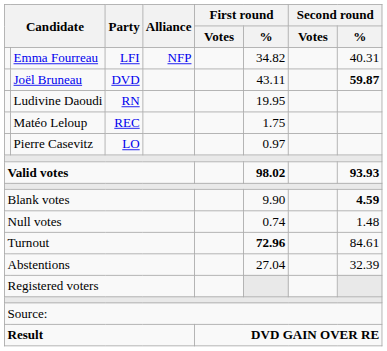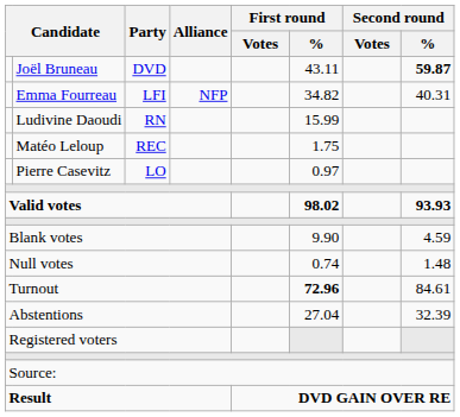 <table class="wikitable" style="text-align:right;font-size:95%;">
 <tr>
 <th colspan="2" rowspan="2">Candidate</th>
 <th colspan="1" rowspan="2">Party</th>
 <th colspan="1" rowspan="2">Alliance</th>
 <th colspan="2">First round</th>
 <th colspan="2">Second round</th>
 </tr>
 <tr>
 <th style="width:50px;">Votes</th>
 <th style="width:45px;">%</th>
 <th style="width:50px;">Votes</th>
 <th style="width:45px;">%</th>
 </tr>
 <tr>
 <td style="color:inherit;background:"></td>
+<td style="text-align:left;"><a href='#'>Joël Bruneau</a></td>
+<td><a href='#'>DVD</a></td>
+<td></td>
+<td></td>
+<td>43.11</td>
+<td><strong></strong></td>
+<td><strong>59.87</strong></td>
+</tr>
+<tr>
+<td style="color:inherit;background:"></td>
 <td style="text-align:left;"><a href='#'>Emma Fourreau</a></td>
 <td><a href='#'>LFI</a></td>
 <td><a href='#'>NFP</a></td>
 <td></td>
 <td>34.82</td>
 <td></td>
 <td>40.31</td>
 </tr>
 <tr>
 <td style="color:inherit;background:"></td>
-<td style="text-align:left;"><a href='#'>Joël Bruneau</a></td>
-<td><a href='#'>DVD</a></td>
-<td></td>
-<td></td>
-<td>43.11</td>
-<td><strong></strong></td>
-<td><strong>59.87</strong></td>
-</tr>
-<tr>
-<td style="color:inherit;background:"></td>
 <td style="text-align:left;">Ludivine Daoudi</td>
 <td><a href='#'>RN</a></td>
 <td></td>
 <td></td>
-<td>19.95</td>
+<td>15.99</td>
 <td></td>
 <td></td>
 </tr>
 <tr>
 <td style="color:inherit;background:"></td>
 <td style="text-align:left;">Matéo Leloup</td>
 <td><a href='#'>REC</a></td>
 <td></td>
 <td></td>
 <td>1.75</td>
 <td></td>
 <td></td>
 </tr>
 <tr>
 <td style="color:inherit;background:"></td>
 <td style="text-align:left;">Pierre Casevitz</td>
 <td><a href='#'>LO</a></td>
 <td></td>
 <td></td>
 <td>0.97</td>
 <td></td>
 <td></td>
 </tr>
 <tr>
 <td colspan="8" style="background:#E9E9E9;"></td>
 </tr>
 <tr style="font-weight:bold;">
 <td colspan="4" style="text-align:left;">Valid votes</td>
 <td></td>
 <td>98.02</td>
 <td></td>
 <td>93.93</td>
 </tr>
 <tr>
 <td colspan="8" style="background:#E9E9E9;"></td>
 </tr>
 <tr>
 <td colspan="4" style="text-align:left;">Blank votes</td>
 <td></td>
 <td>9.90</td>
 <td></td>
-<td><strong>4.59</strong></td>
+<td>4.59</td>
 </tr>
 <tr>
 <td colspan="4" style="text-align:left;">Null votes</td>
 <td></td>
 <td>0.74</td>
 <td></td>
 <td>1.48</td>
 </tr>
 <tr>
 <td colspan="4" style="text-align:left;">Turnout</td>
 <td></td>
 <td><strong>72.96</strong></td>
 <td></td>
 <td>84.61</td>
 </tr>
 <tr>
 <td colspan="4" style="text-align:left;">Abstentions</td>
 <td></td>
 <td>27.04</td>
 <td></td>
 <td>32.39</td>
 </tr>
 <tr>
 <td colspan="4" style="text-align:left;">Registered voters</td>
 <td></td>
 <td style="color:inherit;background:#E9E9E9;"></td>
 <td></td>
 <td style="color:inherit;background:#E9E9E9;"></td>
 </tr>
 <tr>
 <td colspan="8" style="background:#E9E9E9;"></td>
 </tr>
 <tr>
 <td colspan="8" style="text-align:left;">Source: </td>
 </tr>
 <tr style="font-weight:bold">
 <td colspan="4" style="text-align:left;">Result</td>
 <td colspan="4" style="background-color:">DVD GAIN OVER RE</td>
 </tr>
 </table>
